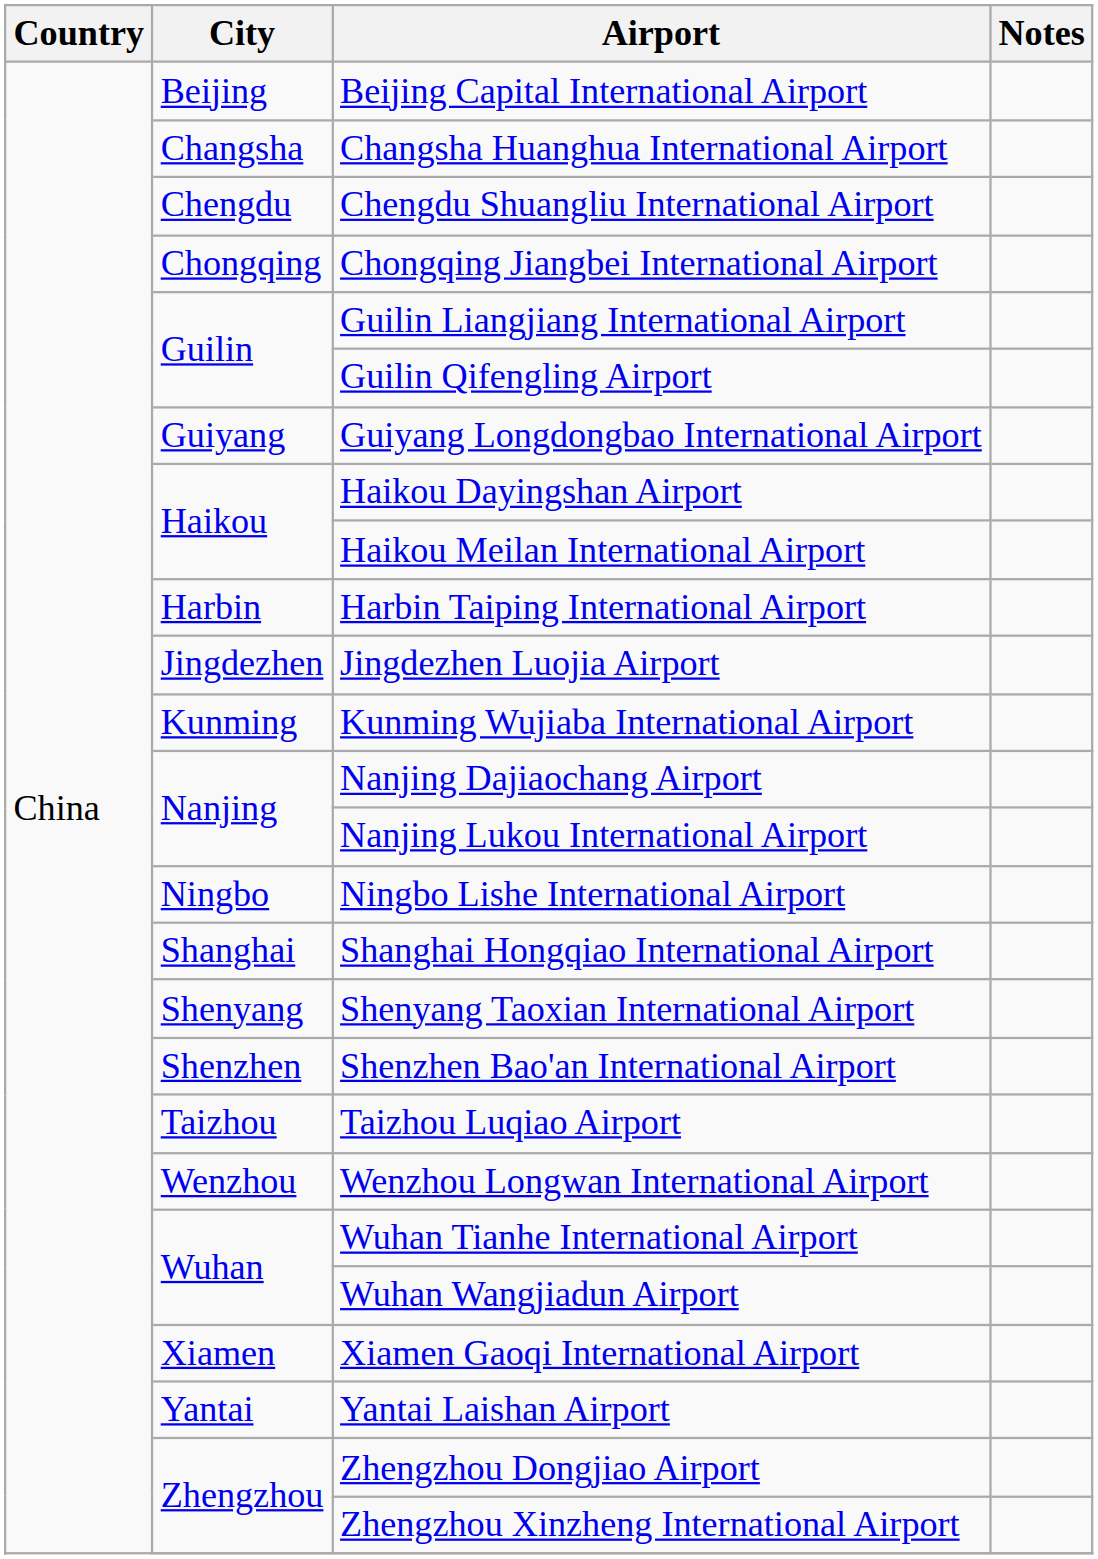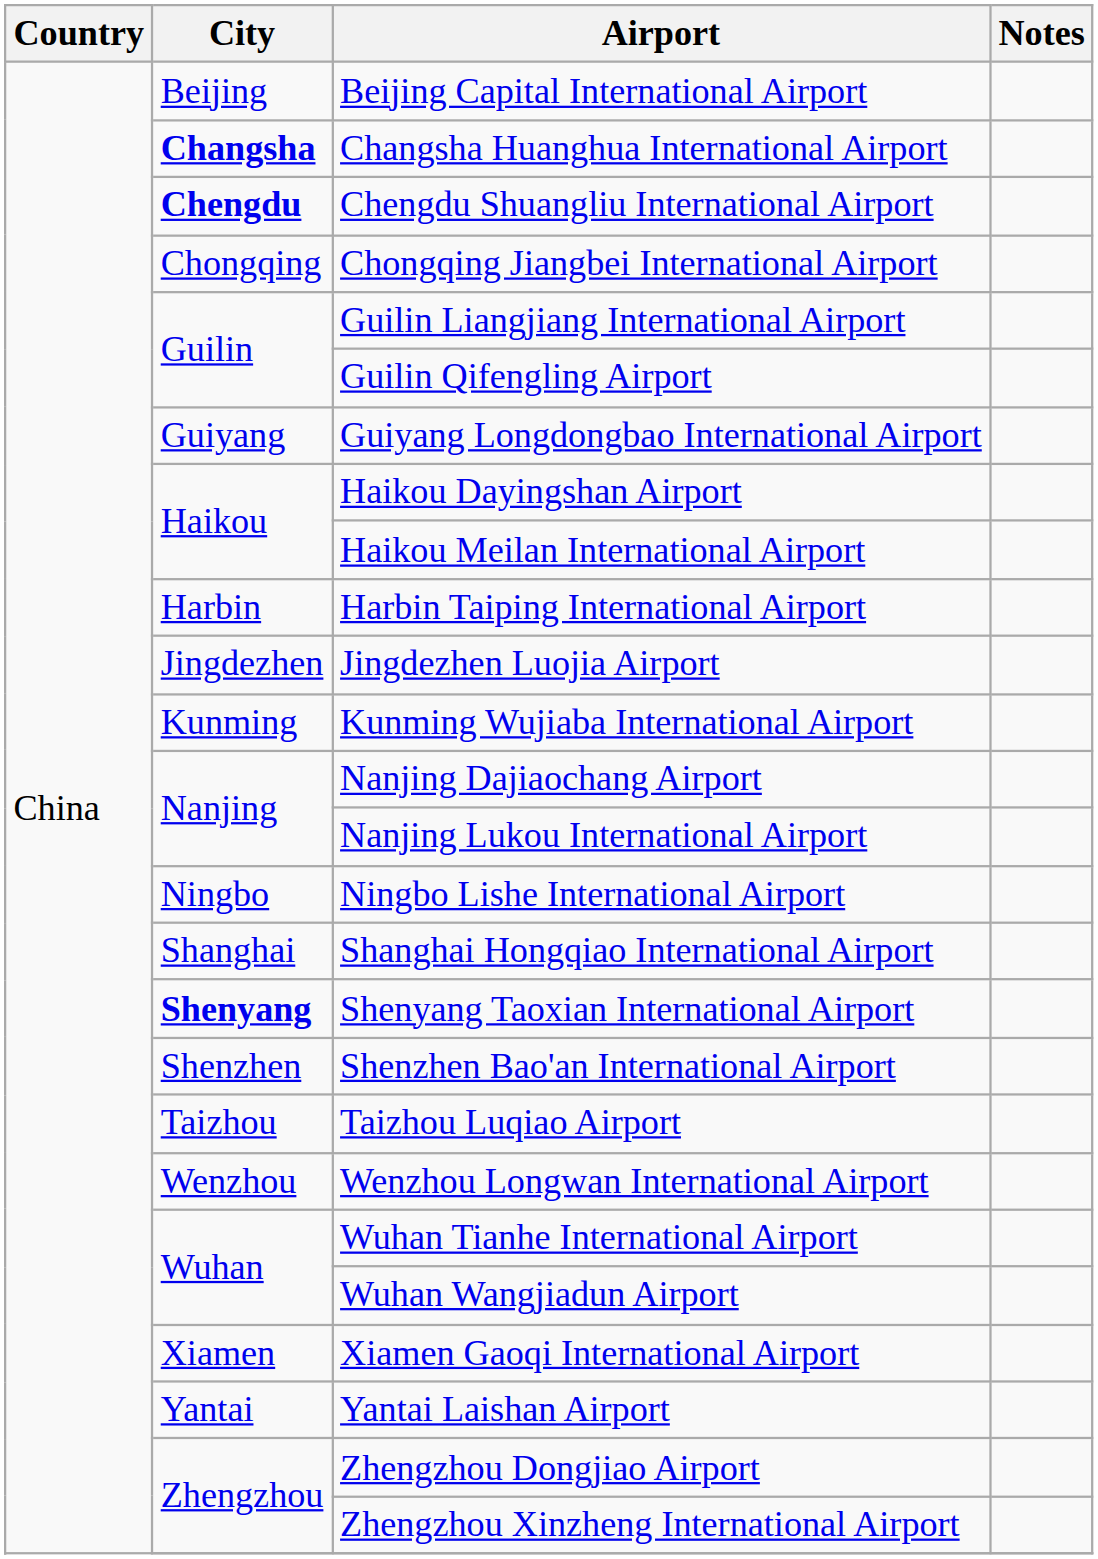 <table class="wikitable sortable collapsible collapsed">
 <tr>
 <th>Country</th>
 <th>City</th>
 <th>Airport</th>
 <th>Notes</th>
 </tr>
 <tr>
 <td rowspan="55">China</td>
 <td><a href='#'>Beijing</a></td>
 <td><a href='#'>Beijing Capital International Airport</a></td>
 <td></td>
 </tr>
 <tr>
-<td><a href='#'>Changsha</a></td>
+<td><strong><a href='#'>Changsha</a></strong></td>
 <td><a href='#'>Changsha Huanghua International Airport</a></td>
 <td></td>
 </tr>
 <tr>
-<td><a href='#'>Chengdu</a></td>
+<td><strong><a href='#'>Chengdu</a></strong></td>
 <td><a href='#'>Chengdu Shuangliu International Airport</a></td>
 <td></td>
 </tr>
 <tr>
 <td><a href='#'>Chongqing</a></td>
 <td><a href='#'>Chongqing Jiangbei International Airport</a></td>
 <td></td>
 </tr>
 <tr>
 <td rowspan="2"><a href='#'>Guilin</a></td>
 <td><a href='#'>Guilin Liangjiang International Airport</a></td>
 <td></td>
 </tr>
 <tr>
 <td><a href='#'>Guilin Qifengling Airport</a></td>
 <td></td>
 </tr>
 <tr>
 <td><a href='#'>Guiyang</a></td>
 <td><a href='#'>Guiyang Longdongbao International Airport</a></td>
 <td></td>
 </tr>
 <tr>
 <td rowspan="2"><a href='#'>Haikou</a></td>
 <td><a href='#'>Haikou Dayingshan Airport</a></td>
 <td></td>
 </tr>
 <tr>
 <td><a href='#'>Haikou Meilan International Airport</a></td>
 <td></td>
 </tr>
 <tr>
 <td><a href='#'>Harbin</a></td>
 <td><a href='#'>Harbin Taiping International Airport</a></td>
 <td></td>
 </tr>
 <tr>
 <td><a href='#'>Jingdezhen</a></td>
 <td><a href='#'>Jingdezhen Luojia Airport</a></td>
 <td></td>
 </tr>
 <tr>
 <td><a href='#'>Kunming</a></td>
 <td><a href='#'>Kunming Wujiaba International Airport</a></td>
 <td align=center></td>
 </tr>
 <tr>
 <td rowspan="2"><a href='#'>Nanjing</a></td>
 <td><a href='#'>Nanjing Dajiaochang Airport</a></td>
 <td align=center></td>
 </tr>
 <tr>
 <td><a href='#'>Nanjing Lukou International Airport</a></td>
 <td></td>
 </tr>
 <tr>
 <td><a href='#'>Ningbo</a></td>
 <td><a href='#'>Ningbo Lishe International Airport</a></td>
 <td align=center></td>
 </tr>
 <tr>
 <td><a href='#'>Shanghai</a></td>
 <td><a href='#'>Shanghai Hongqiao International Airport</a></td>
 <td></td>
 </tr>
 <tr>
-<td><a href='#'>Shenyang</a></td>
+<td><strong><a href='#'>Shenyang</a></strong></td>
 <td><a href='#'>Shenyang Taoxian International Airport</a></td>
 <td></td>
 </tr>
 <tr>
 <td><a href='#'>Shenzhen</a></td>
 <td><a href='#'>Shenzhen Bao'an International Airport</a></td>
 <td></td>
 </tr>
 <tr>
 <td><a href='#'>Taizhou</a></td>
 <td><a href='#'>Taizhou Luqiao Airport</a></td>
 <td></td>
 </tr>
 <tr>
 <td><a href='#'>Wenzhou</a></td>
 <td><a href='#'>Wenzhou Longwan International Airport</a></td>
 <td align=center></td>
 </tr>
 <tr>
 <td rowspan="2"><a href='#'>Wuhan</a></td>
 <td><a href='#'>Wuhan Tianhe International Airport</a></td>
 <td></td>
 </tr>
 <tr>
 <td><a href='#'>Wuhan Wangjiadun Airport</a></td>
 <td></td>
 </tr>
 <tr>
 <td><a href='#'>Xiamen</a></td>
 <td><a href='#'>Xiamen Gaoqi International Airport</a></td>
 <td align=center></td>
 </tr>
 <tr>
 <td><a href='#'>Yantai</a></td>
 <td><a href='#'>Yantai Laishan Airport</a></td>
 <td align=center></td>
 </tr>
 <tr>
 <td rowspan="2"><a href='#'>Zhengzhou</a></td>
 <td><a href='#'>Zhengzhou Dongjiao Airport</a></td>
 <td></td>
 </tr>
 <tr>
 <td><a href='#'>Zhengzhou Xinzheng International Airport</a></td>
 <td></td>
 </tr>
 <tr>
 </tr>
 </table>
